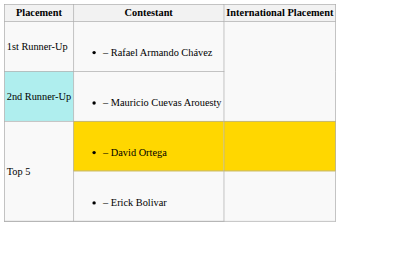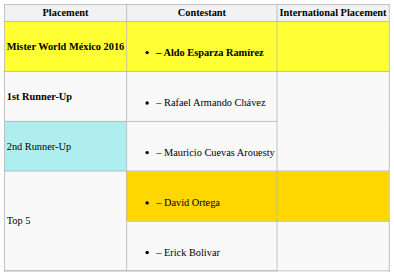 <table class="wikitable sortable" style="font-size: 95%;">
 <tr>
 <th>Placement</th>
 <th>Contestant</th>
 <th>International Placement</th>
 </tr>
+<tr style="background:#FFFF33">
+<td><strong>Mister World México 2016</strong></td>
+<td><br><ul><li><strong> – Aldo Esparza Ramírez</strong></li></ul></td>
+<td></td>
+</tr>
 <tr>
-<td>1st Runner-Up</td>
+<td><strong>1st Runner-Up</strong></td>
 <td><br><ul><li> – Rafael Armando Chávez</li></ul></td>
 </tr>
 <tr>
 <td style="background: paleturquoise;">2nd Runner-Up</td>
 <td><br><ul><li> – Mauricio Cuevas Arouesty</li></ul></td>
 </tr>
 <tr>
 <td rowspan="2">Top 5</td>
 <td style="background-color:gold"><br><ul><li> – David Ortega</li></ul></td>
 <td style="background-color:gold"></td>
 </tr>
 <tr>
 <td><br><ul><li> – Erick Bolivar</li></ul></td>
 </tr>
 <tr>
 </tr>
 </table>
